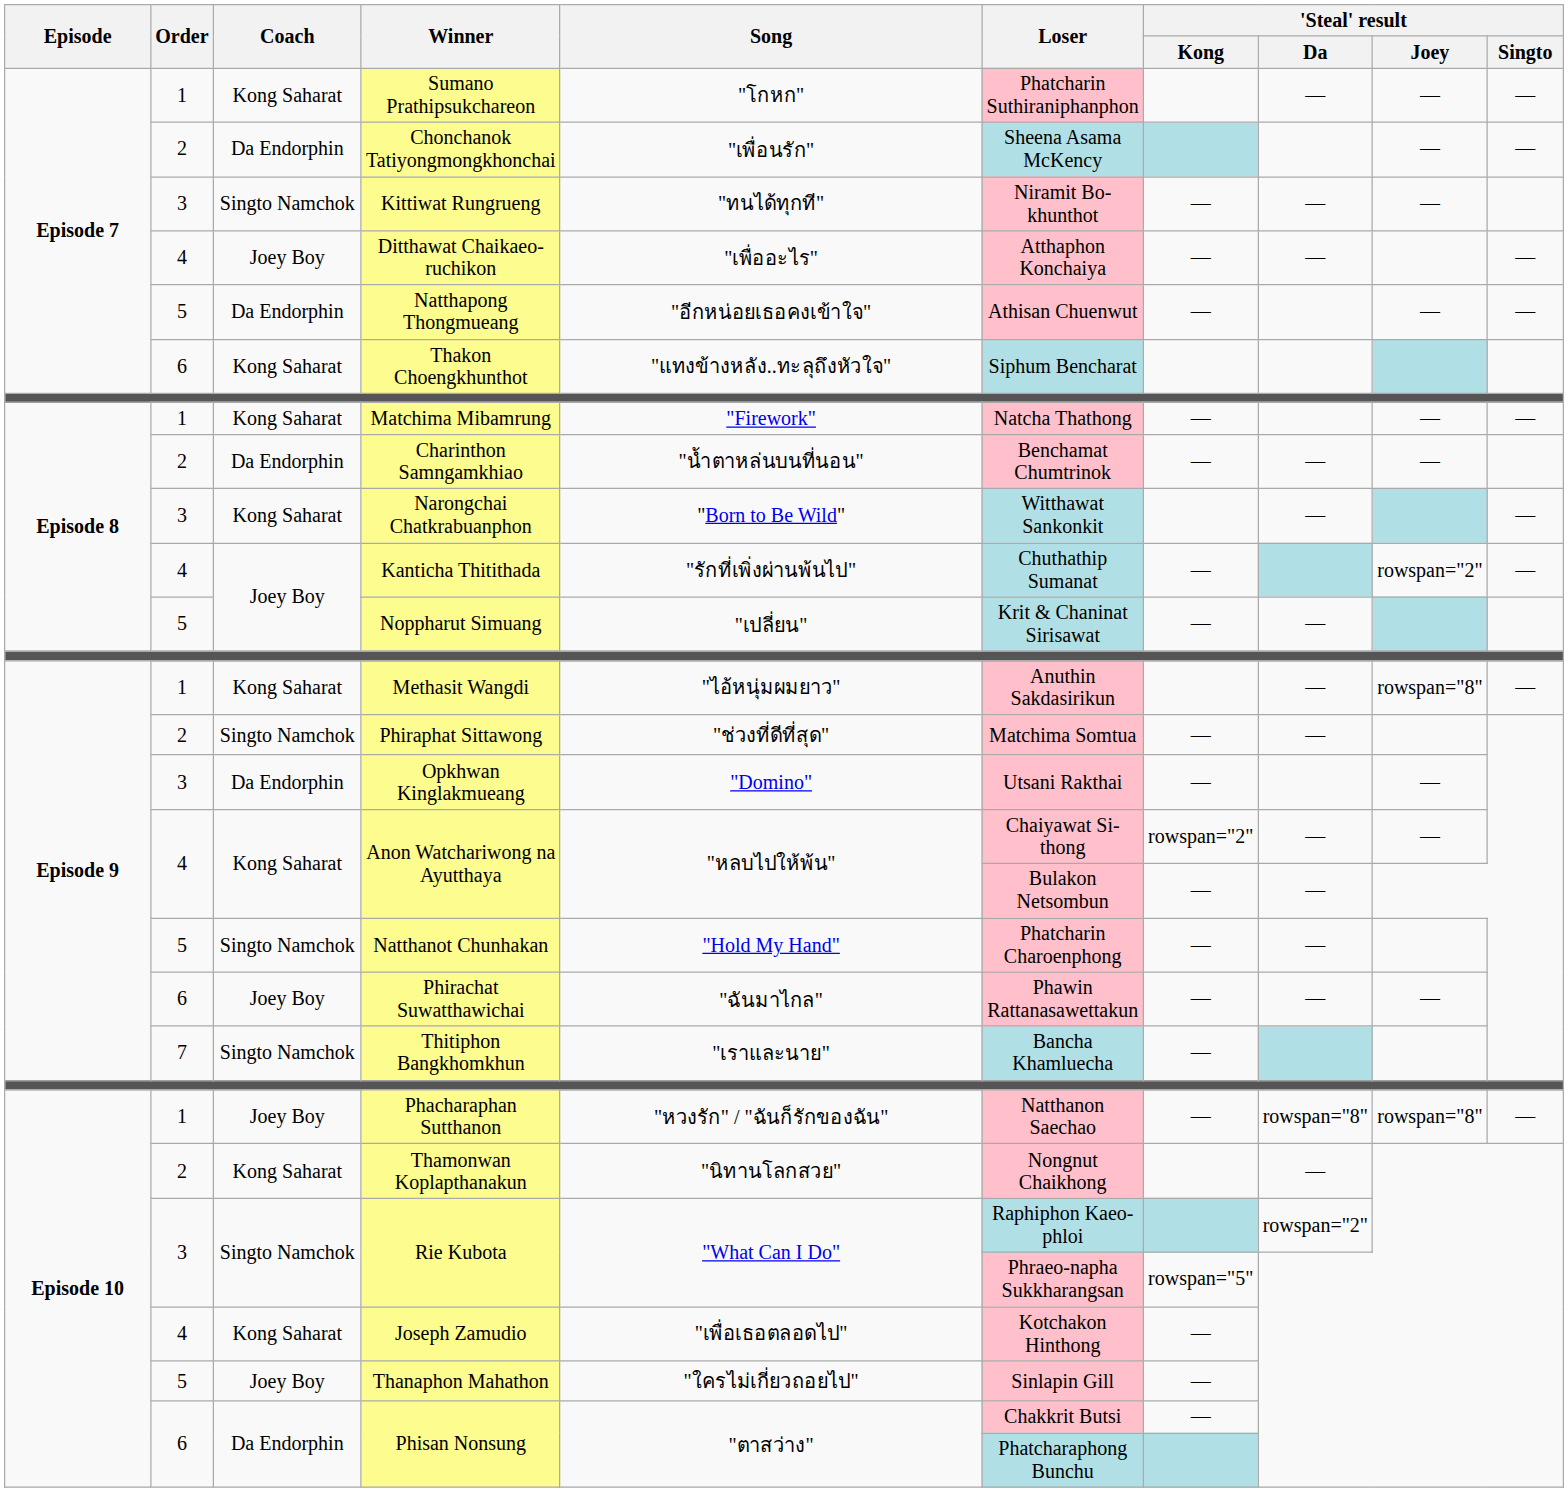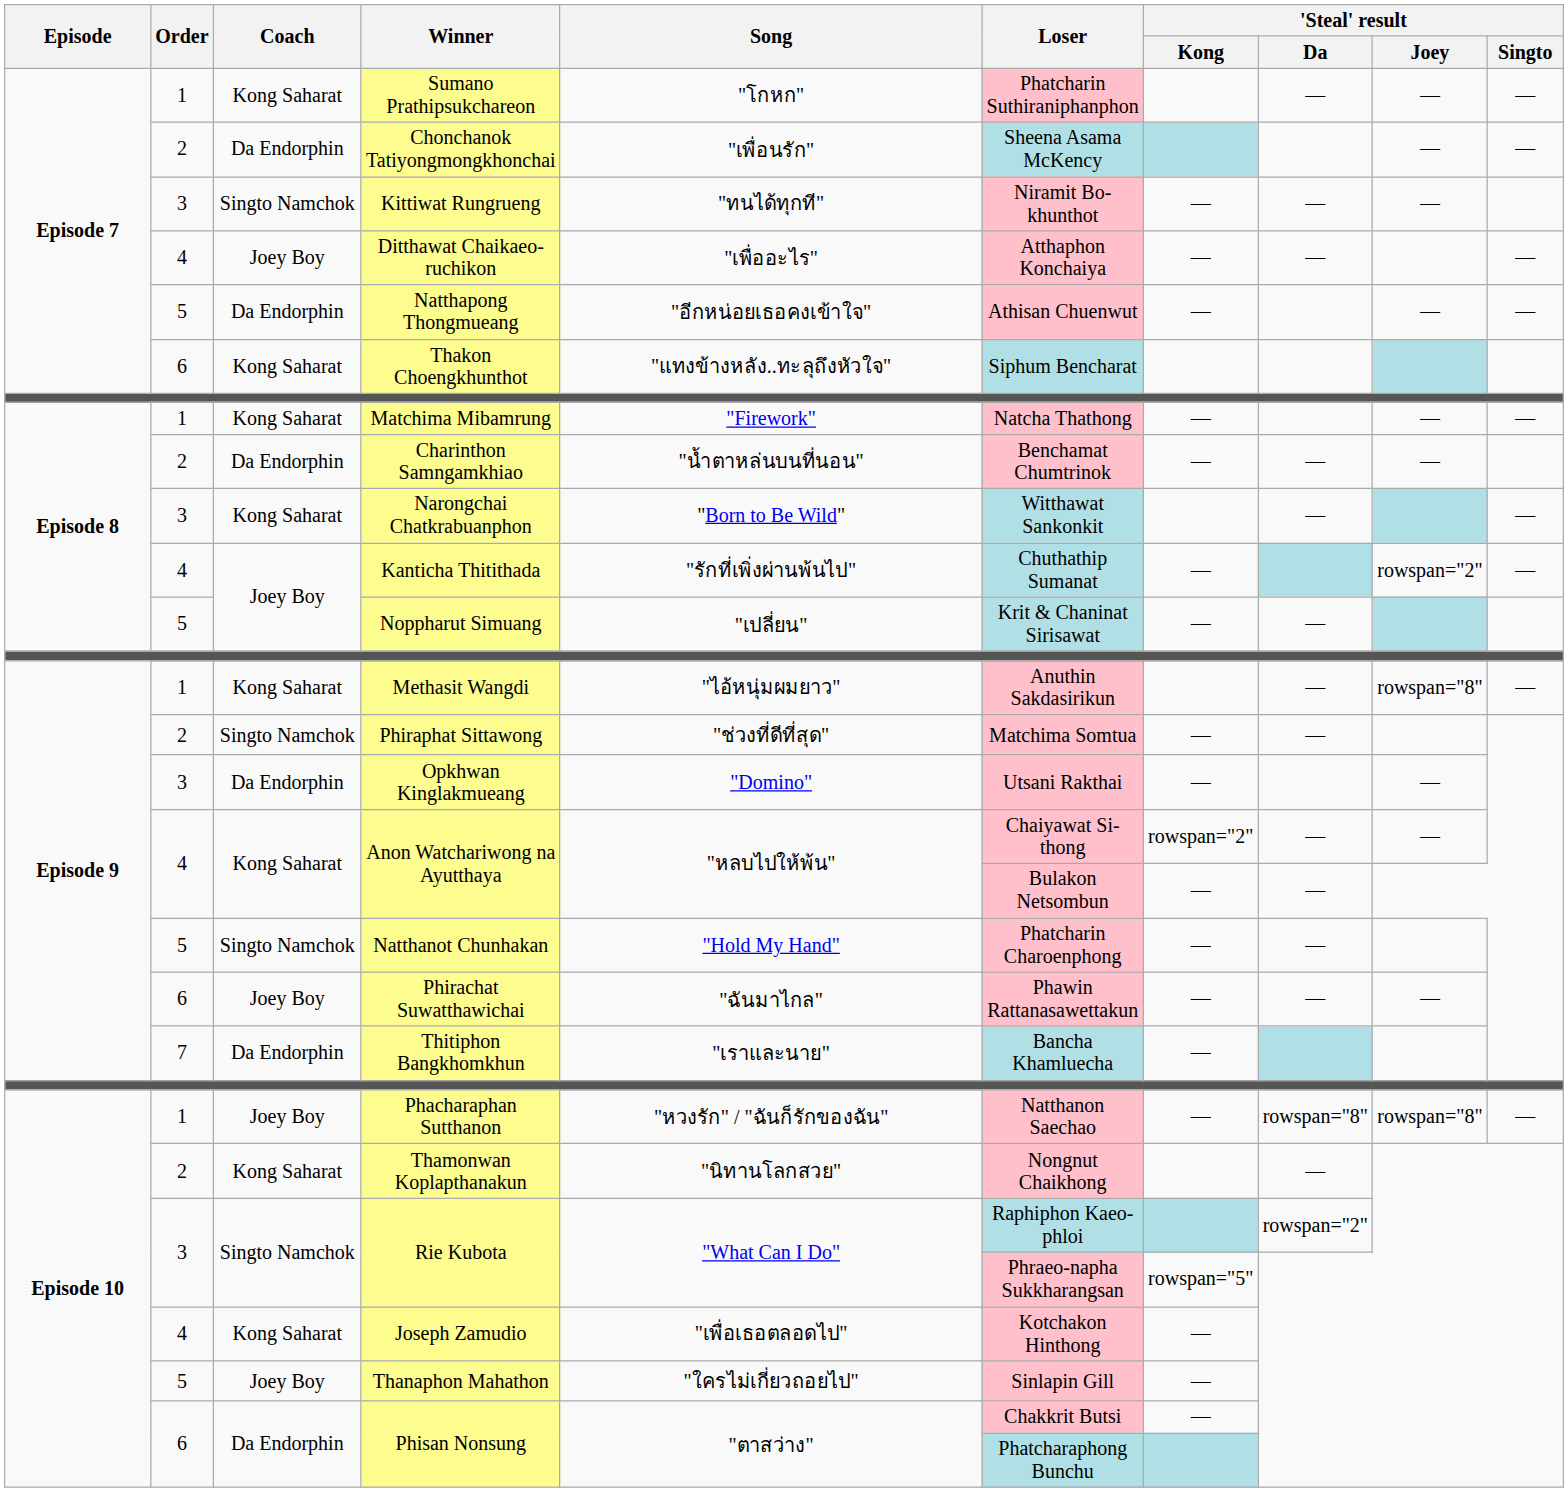 <table class="wikitable" style="text-align: center; width: auto;">
 <tr>
 <th rowspan="2" style="width:10%;">Episode</th>
 <th rowspan="2" style="width:02%;">Order</th>
 <th rowspan="2" style="width:10%;">Coach</th>
 <th rowspan="2">Winner</th>
 <th rowspan="2" style="width:30%;">Song</th>
 <th rowspan="2">Loser</th>
 <th colspan="4" style="width:20%;">'Steal' result</th>
 </tr>
 <tr>
 <th style="width:04%;">Kong</th>
 <th style="width:04%;">Da</th>
 <th style="width:05%;">Joey</th>
 <th style="width:05%;">Singto</th>
 </tr>
 <tr>
 <td rowspan="6"><strong>Episode 7</strong><br><small></small></td>
 <td>1</td>
 <td>Kong Saharat</td>
 <td style="background:#fdfc8f;">Sumano Prathipsukchareon</td>
 <td>"โกหก"</td>
 <td style="background:pink;">Phatcharin Suthiraniphanphon</td>
 <td></td>
 <td>—</td>
 <td>—</td>
 <td>—</td>
 </tr>
 <tr>
 <td>2</td>
 <td>Da Endorphin</td>
 <td style="background:#fdfc8f;">Chonchanok Tatiyongmongkhonchai</td>
 <td>"เพื่อนรัก"</td>
 <td style="background:#B0E0E6;">Sheena Asama McKency</td>
 <td style="background:#B0E0E6;text-align:center;"></td>
 <td></td>
 <td>—</td>
 <td>—</td>
 </tr>
 <tr>
 <td>3</td>
 <td>Singto Namchok</td>
 <td style="background:#fdfc8f;">Kittiwat Rungrueng</td>
 <td>"ทนได้ทุกที"</td>
 <td style="background:pink;">Niramit Bo-khunthot</td>
 <td>—</td>
 <td>—</td>
 <td>—</td>
 <td></td>
 </tr>
 <tr>
 <td>4</td>
 <td>Joey Boy</td>
 <td style="background:#fdfc8f;">Ditthawat Chaikaeo-ruchikon</td>
 <td>"เพื่ออะไร"</td>
 <td style="background:pink;">Atthaphon Konchaiya</td>
 <td>—</td>
 <td>—</td>
 <td></td>
 <td>—</td>
 </tr>
 <tr>
 <td>5</td>
 <td>Da Endorphin</td>
 <td style="background:#fdfc8f;">Natthapong Thongmueang</td>
 <td>"อีกหน่อยเธอคงเข้าใจ"</td>
 <td style="background:pink;">Athisan Chuenwut</td>
 <td>—</td>
 <td></td>
 <td>—</td>
 <td>—</td>
 </tr>
 <tr>
 <td>6</td>
 <td>Kong Saharat</td>
 <td style="background:#fdfc8f;">Thakon Choengkhunthot</td>
 <td>"แทงข้างหลัง..ทะลุถึงหัวใจ"</td>
 <td style="background:#B0E0E6;">Siphum Bencharat</td>
 <td></td>
 <td></td>
 <td style="background:#B0E0E6;text-align:center;"></td>
 <td></td>
 </tr>
 <tr>
 <td colspan="11" style="background:#555555;"></td>
 </tr>
 <tr>
 <td rowspan="6"><strong>Episode 8</strong><br><small></small></td>
 </tr>
 <tr>
 <td>1</td>
 <td>Kong Saharat</td>
 <td style="background:#fdfc8f;">Matchima Mibamrung</td>
 <td><a href='#'>"Firework"</a></td>
 <td style="background:pink;">Natcha Thathong</td>
 <td>—</td>
 <td></td>
 <td>—</td>
 <td>—</td>
 </tr>
 <tr>
 <td>2</td>
 <td>Da Endorphin</td>
 <td style="background:#fdfc8f;">Charinthon Samngamkhiao</td>
 <td>"น้ำตาหล่นบนที่นอน"</td>
 <td style="background:pink;">Benchamat Chumtrinok</td>
 <td>—</td>
 <td>—</td>
 <td>—</td>
 <td></td>
 </tr>
 <tr>
 <td>3</td>
 <td>Kong Saharat</td>
 <td style="background:#fdfc8f;">Narongchai Chatkrabuanphon</td>
 <td>"<a href='#'>Born to Be Wild</a>"</td>
 <td style="background:#B0E0E6;">Witthawat Sankonkit</td>
 <td></td>
 <td>—</td>
 <td style="background:#B0E0E6;text-align:center;"></td>
 <td>—</td>
 </tr>
 <tr>
 <td>4</td>
 <td rowspan="2">Joey Boy</td>
 <td style="background:#fdfc8f;">Kanticha Thitithada</td>
 <td>"รักที่เพิ่งผ่านพ้นไป"</td>
 <td style="background:#B0E0E6;">Chuthathip Sumanat</td>
 <td>—</td>
 <td style="background:#B0E0E6;text-align:center;"></td>
 <td>rowspan="2" </td>
 <td>—</td>
 </tr>
 <tr>
 <td>5</td>
 <td style="background:#fdfc8f;">Noppharut Simuang</td>
 <td>"เปลี่ยน"</td>
 <td style="background:#B0E0E6;">Krit & Chaninat Sirisawat</td>
 <td>—</td>
 <td>—</td>
 <td style="background:#B0E0E6;text-align:center;"></td>
 </tr>
 <tr>
 <td colspan="11" style="background:#555555;"></td>
 </tr>
 <tr>
 <td rowspan="9"><strong>Episode 9</strong><br><small></small></td>
 </tr>
 <tr>
 <td>1</td>
 <td>Kong Saharat</td>
 <td style="background:#fdfc8f;">Methasit Wangdi</td>
 <td>"ไอ้หนุ่มผมยาว"</td>
 <td style="background:pink;">Anuthin Sakdasirikun</td>
 <td></td>
 <td>—</td>
 <td>rowspan="8" </td>
 <td>—</td>
 </tr>
 <tr>
 <td>2</td>
 <td>Singto Namchok</td>
 <td style="background:#fdfc8f;">Phiraphat Sittawong</td>
 <td>"ช่วงที่ดีที่สุด"</td>
 <td style="background:pink;">Matchima Somtua</td>
 <td>—</td>
 <td>—</td>
 <td></td>
 </tr>
 <tr>
 <td>3</td>
 <td>Da Endorphin</td>
 <td style="background:#fdfc8f;">Opkhwan Kinglakmueang</td>
 <td><a href='#'>"Domino"</a></td>
 <td style="background:pink;">Utsani Rakthai</td>
 <td>—</td>
 <td></td>
 <td>—</td>
 </tr>
 <tr>
 <td rowspan="2">4</td>
 <td rowspan="2">Kong Saharat</td>
 <td rowspan="2" style="background:#fdfc8f;">Anon Watchariwong na Ayutthaya</td>
 <td rowspan="2">"หลบไปให้พ้น"</td>
 <td style="background:pink;">Chaiyawat Si-thong</td>
 <td>rowspan="2" </td>
 <td>—</td>
 <td>—</td>
 </tr>
 <tr>
 <td style="background:pink;">Bulakon Netsombun</td>
 <td>—</td>
 <td>—</td>
 </tr>
 <tr>
 <td>5</td>
 <td>Singto Namchok</td>
 <td style="background:#fdfc8f;">Natthanot Chunhakan</td>
 <td><a href='#'>"Hold My Hand"</a></td>
 <td style="background:pink;">Phatcharin Charoenphong</td>
 <td>—</td>
 <td>—</td>
 <td></td>
 </tr>
 <tr>
 <td>6</td>
 <td>Joey Boy</td>
 <td style="background:#fdfc8f;">Phirachat Suwatthawichai</td>
 <td>"ฉันมาไกล"</td>
 <td style="background:pink;">Phawin Rattanasawettakun</td>
 <td>—</td>
 <td>—</td>
 <td>—</td>
 </tr>
 <tr>
 <td>7</td>
-<td>Singto Namchok</td>
+<td>Da Endorphin</td>
 <td style="background:#fdfc8f;">Thitiphon Bangkhomkhun</td>
 <td>"เราและนาย"</td>
 <td style="background:#B0E0E6;">Bancha Khamluecha</td>
 <td>—</td>
 <td style="background:#B0E0E6;text-align:center;"></td>
 <td></td>
 </tr>
 <tr>
 <td colspan="11" style="background:#555555;"></td>
 </tr>
 <tr>
 <td rowspan="9"><strong>Episode 10</strong><br><small></small></td>
 </tr>
 <tr>
 <td>1</td>
 <td>Joey Boy</td>
 <td style="background:#fdfc8f;">Phacharaphan Sutthanon</td>
 <td>"หวงรัก" / "ฉันก็รักของฉัน"</td>
 <td style="background:pink;">Natthanon Saechao</td>
 <td>—</td>
 <td>rowspan="8" </td>
 <td>rowspan="8" </td>
 <td>—</td>
 </tr>
 <tr>
 <td>2</td>
 <td>Kong Saharat</td>
 <td style="background:#fdfc8f;">Thamonwan Koplapthanakun</td>
 <td>"นิทานโลกสวย"</td>
 <td style="background:pink;">Nongnut Chaikhong</td>
 <td></td>
 <td>—</td>
 </tr>
 <tr>
 <td rowspan="2">3</td>
 <td rowspan="2">Singto Namchok</td>
 <td rowspan="2" style="background:#fdfc8f;">Rie Kubota</td>
 <td rowspan="2"><a href='#'>"What Can I Do"</a></td>
 <td style="background:#B0E0E6;">Raphiphon Kaeo-phloi</td>
 <td style="background:#B0E0E6;text-align:center;"></td>
 <td>rowspan="2" </td>
 </tr>
 <tr>
 <td style="background:pink;">Phraeo-napha Sukkharangsan</td>
 <td>rowspan="5" </td>
 </tr>
 <tr>
 <td>4</td>
 <td>Kong Saharat</td>
 <td style="background:#fdfc8f;">Joseph Zamudio</td>
 <td>"เพื่อเธอตลอดไป"</td>
 <td style="background:pink;">Kotchakon Hinthong</td>
 <td>—</td>
 </tr>
 <tr>
 <td>5</td>
 <td>Joey Boy</td>
 <td style="background:#fdfc8f;">Thanaphon Mahathon</td>
 <td>"ใครไม่เกี่ยวถอยไป"</td>
 <td style="background:pink;">Sinlapin Gill</td>
 <td>—</td>
 </tr>
 <tr>
 <td rowspan="2">6</td>
 <td rowspan="2">Da Endorphin</td>
 <td rowspan="2" style="background:#fdfc8f;">Phisan Nonsung</td>
 <td rowspan="2">"ตาสว่าง"</td>
 <td style="background:pink;">Chakkrit Butsi</td>
 <td>—</td>
 </tr>
 <tr>
 <td style="background:#B0E0E6;">Phatcharaphong Bunchu</td>
 <td style="background:#B0E0E6;text-align:center;"></td>
 </tr>
 </table>
